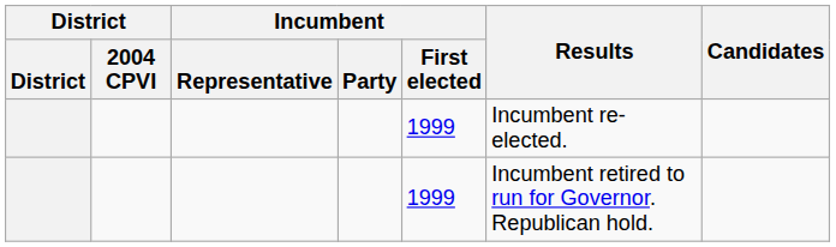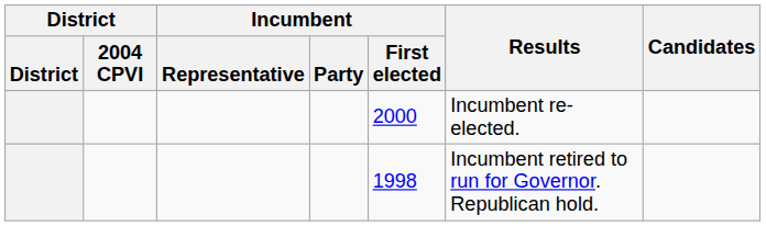 <table class="wikitable sortable">
 <tr>
 <th colspan=2>District</th>
 <th colspan=3>Incumbent</th>
 <th rowspan=2>Results</th>
 <th rowspan=2>Candidates</th>
 </tr>
 <tr valign=bottom>
 <th>District</th>
 <th>2004 CPVI</th>
 <th>Representative</th>
 <th>Party</th>
 <th>First<br>elected</th>
 </tr>
 <tr>
 <th></th>
 <td></td>
 <td></td>
 <td></td>
-<td><a href='#'>1999</a></td>
+<td><a href='#'>2000</a></td>
 <td>Incumbent re-elected.</td>
 <td nowrap></td>
 </tr>
 <tr>
 <th></th>
 <td></td>
 <td></td>
 <td></td>
-<td><a href='#'>1999</a></td>
+<td><a href='#'>1998</a></td>
 <td>Incumbent retired to <a href='#'>run for Governor</a>.<br>Republican hold.</td>
 <td nowrap></td>
 </tr>
 </table>
